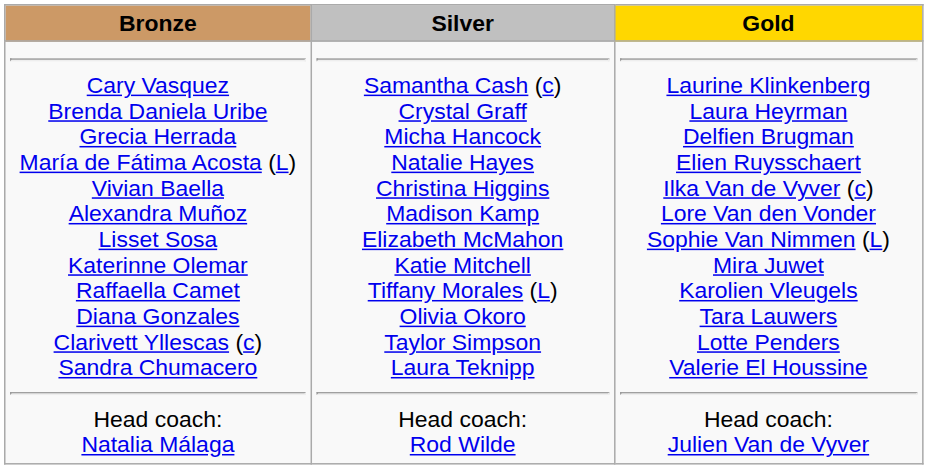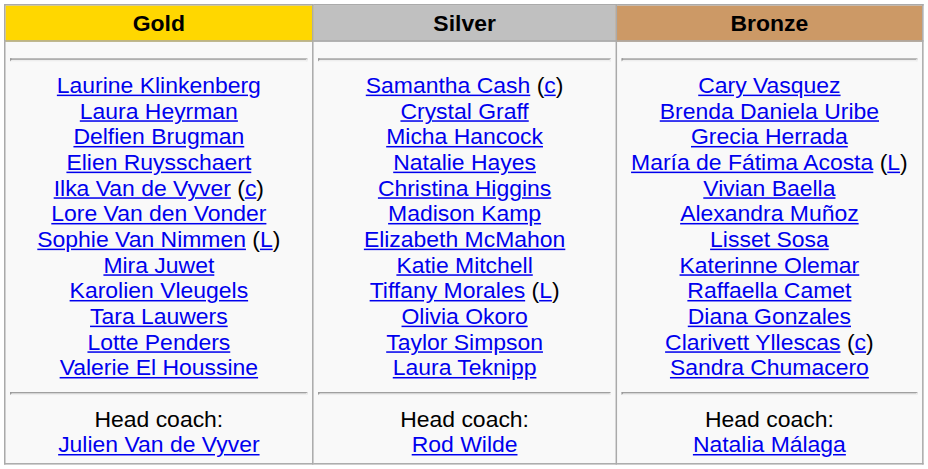 <table class="wikitable" style="font-size:95%;">
 <tr align="center">
+<th style="width: 15em; background: gold">Gold</th>
+<th style="width: 15em; background: silver">Silver</th>
 <th style="width: 15em; background: #CC9966">Bronze</th>
-<th style="width: 15em; background: silver">Silver</th>
-<th style="width: 15em; background: gold">Gold</th>
 </tr>
 <tr align="center" valign="top">
+<td><hr><a href='#'>Laurine Klinkenberg</a><br><a href='#'>Laura Heyrman</a><br><a href='#'>Delfien Brugman</a><br><a href='#'>Elien Ruysschaert</a><br><a href='#'>Ilka Van de Vyver</a> (<a href='#'>c</a>)<br><a href='#'>Lore Van den Vonder</a><br><a href='#'>Sophie Van Nimmen</a> (<a href='#'>L</a>)<br><a href='#'>Mira Juwet</a><br><a href='#'>Karolien Vleugels</a><br><a href='#'>Tara Lauwers</a><br><a href='#'>Lotte Penders</a><br><a href='#'>Valerie El Houssine</a><br><hr>Head coach:<br><a href='#'>Julien Van de Vyver</a></td>
+<td><hr><a href='#'>Samantha Cash</a> (<a href='#'>c</a>)<br><a href='#'>Crystal Graff</a><br><a href='#'>Micha Hancock</a><br><a href='#'>Natalie Hayes</a><br><a href='#'>Christina Higgins</a><br><a href='#'>Madison Kamp</a><br><a href='#'>Elizabeth McMahon</a><br><a href='#'>Katie Mitchell</a><br><a href='#'>Tiffany Morales</a> (<a href='#'>L</a>)<br><a href='#'>Olivia Okoro</a><br><a href='#'>Taylor Simpson</a><br><a href='#'>Laura Teknipp</a><br><hr>Head coach:<br><a href='#'>Rod Wilde</a></td>
 <td><hr><a href='#'>Cary Vasquez</a><br><a href='#'>Brenda Daniela Uribe</a><br><a href='#'>Grecia Herrada</a><br><a href='#'>María de Fátima Acosta</a> (<a href='#'>L</a>)<br><a href='#'>Vivian Baella</a><br><a href='#'>Alexandra Muñoz</a><br><a href='#'>Lisset Sosa</a><br><a href='#'>Katerinne Olemar</a><br><a href='#'>Raffaella Camet</a><br><a href='#'>Diana Gonzales</a><br><a href='#'>Clarivett Yllescas</a> (<a href='#'>c</a>)<br><a href='#'>Sandra Chumacero</a><br><hr>Head coach:<br><a href='#'>Natalia Málaga</a></td>
-<td><hr><a href='#'>Samantha Cash</a> (<a href='#'>c</a>)<br><a href='#'>Crystal Graff</a><br><a href='#'>Micha Hancock</a><br><a href='#'>Natalie Hayes</a><br><a href='#'>Christina Higgins</a><br><a href='#'>Madison Kamp</a><br><a href='#'>Elizabeth McMahon</a><br><a href='#'>Katie Mitchell</a><br><a href='#'>Tiffany Morales</a> (<a href='#'>L</a>)<br><a href='#'>Olivia Okoro</a><br><a href='#'>Taylor Simpson</a><br><a href='#'>Laura Teknipp</a><br><hr>Head coach:<br><a href='#'>Rod Wilde</a></td>
-<td><hr><a href='#'>Laurine Klinkenberg</a><br><a href='#'>Laura Heyrman</a><br><a href='#'>Delfien Brugman</a><br><a href='#'>Elien Ruysschaert</a><br><a href='#'>Ilka Van de Vyver</a> (<a href='#'>c</a>)<br><a href='#'>Lore Van den Vonder</a><br><a href='#'>Sophie Van Nimmen</a> (<a href='#'>L</a>)<br><a href='#'>Mira Juwet</a><br><a href='#'>Karolien Vleugels</a><br><a href='#'>Tara Lauwers</a><br><a href='#'>Lotte Penders</a><br><a href='#'>Valerie El Houssine</a><br><hr>Head coach:<br><a href='#'>Julien Van de Vyver</a></td>
 </tr>
 </table>
